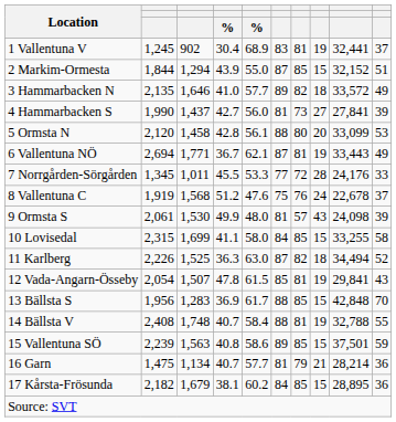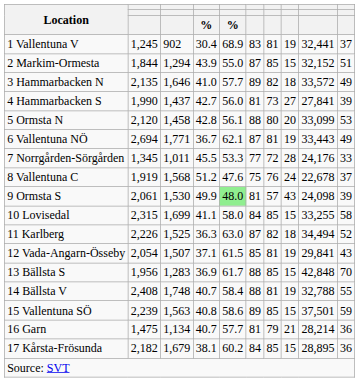 <table role="presentation" class="wikitable sortable mw-collapsible">
 <tr>
 <th rowspan="3">Location</th>
 <th></th>
 <th></th>
 <th></th>
 <th></th>
 <th></th>
 <th></th>
 <th></th>
 <th></th>
 <th></th>
 </tr>
 <tr>
 <th></th>
 <th></th>
 <th style="background:"></th>
 <th style="background:"></th>
 <th></th>
 <th></th>
 <th></th>
 <th></th>
 <th></th>
 </tr>
 <tr>
 <th data-sort-type="number"></th>
 <th data-sort-type="number"></th>
 <th data-sort-type="number">%</th>
 <th data-sort-type="number">%</th>
 <th data-sort-type="number"></th>
 <th data-sort-type="number"></th>
 <th data-sort-type="number"></th>
 <th data-sort-type="number"></th>
 <th data-sort-type="number"></th>
 </tr>
 <tr>
 <td align="left">1 Vallentuna V</td>
 <td>1,245</td>
 <td>902</td>
 <td>30.4</td>
 <td>68.9</td>
 <td>83</td>
 <td>81</td>
 <td>19</td>
 <td>32,441</td>
 <td>37</td>
 </tr>
 <tr>
 <td align="left">2 Markim-Ormesta</td>
 <td>1,844</td>
 <td>1,294</td>
 <td>43.9</td>
 <td>55.0</td>
 <td>87</td>
 <td>85</td>
 <td>15</td>
 <td>32,152</td>
 <td>51</td>
 </tr>
 <tr>
 <td align="left">3 Hammarbacken N</td>
 <td>2,135</td>
 <td>1,646</td>
 <td>41.0</td>
 <td>57.7</td>
 <td>89</td>
 <td>82</td>
 <td>18</td>
 <td>33,572</td>
 <td>49</td>
 </tr>
 <tr>
 <td align="left">4 Hammarbacken S</td>
 <td>1,990</td>
 <td>1,437</td>
 <td>42.7</td>
 <td>56.0</td>
 <td>81</td>
 <td>73</td>
 <td>27</td>
 <td>27,841</td>
 <td>39</td>
 </tr>
 <tr>
 <td align="left">5 Ormsta N</td>
 <td>2,120</td>
 <td>1,458</td>
 <td>42.8</td>
 <td>56.1</td>
 <td>88</td>
 <td>80</td>
 <td>20</td>
 <td>33,099</td>
 <td>53</td>
 </tr>
 <tr>
 <td align="left">6 Vallentuna NÖ</td>
 <td>2,694</td>
 <td>1,771</td>
 <td>36.7</td>
 <td>62.1</td>
 <td>87</td>
 <td>81</td>
 <td>19</td>
 <td>33,443</td>
 <td>49</td>
 </tr>
 <tr>
 <td align="left">7 Norrgården-Sörgården</td>
 <td>1,345</td>
 <td>1,011</td>
 <td>45.5</td>
 <td>53.3</td>
 <td>77</td>
 <td>72</td>
 <td>28</td>
 <td>24,176</td>
 <td>33</td>
 </tr>
 <tr>
 <td align="left">8 Vallentuna C</td>
 <td>1,919</td>
 <td>1,568</td>
 <td>51.2</td>
 <td>47.6</td>
 <td>75</td>
 <td>76</td>
 <td>24</td>
 <td>22,678</td>
 <td>37</td>
 </tr>
 <tr>
 <td align="left">9 Ormsta S</td>
 <td>2,061</td>
 <td>1,530</td>
 <td>49.9</td>
-<td>48.0</td>
+<td style="background: lightgreen;">48.0</td>
 <td>81</td>
 <td>57</td>
 <td>43</td>
 <td>24,098</td>
 <td>39</td>
 </tr>
 <tr>
 <td align="left">10 Lovisedal</td>
 <td>2,315</td>
 <td>1,699</td>
 <td>41.1</td>
 <td>58.0</td>
 <td>84</td>
 <td>85</td>
 <td>15</td>
 <td>33,255</td>
 <td>58</td>
 </tr>
 <tr>
 <td align="left">11 Karlberg</td>
 <td>2,226</td>
 <td>1,525</td>
 <td>36.3</td>
 <td>63.0</td>
 <td>87</td>
 <td>82</td>
 <td>18</td>
 <td>34,494</td>
 <td>52</td>
 </tr>
 <tr>
 <td align="left">12 Vada-Angarn-Össeby</td>
 <td>2,054</td>
 <td>1,507</td>
-<td>47.8</td>
+<td>37.1</td>
 <td>61.5</td>
 <td>85</td>
 <td>81</td>
 <td>19</td>
 <td>29,841</td>
 <td>43</td>
 </tr>
 <tr>
 <td align="left">13 Bällsta S</td>
 <td>1,956</td>
 <td>1,283</td>
 <td>36.9</td>
 <td>61.7</td>
 <td>88</td>
 <td>85</td>
 <td>15</td>
 <td>42,848</td>
 <td>70</td>
 </tr>
 <tr>
 <td align="left">14 Bällsta V</td>
 <td>2,408</td>
 <td>1,748</td>
 <td>40.7</td>
 <td>58.4</td>
 <td>88</td>
 <td>81</td>
 <td>19</td>
 <td>32,788</td>
 <td>55</td>
 </tr>
 <tr>
 <td align="left">15 Vallentuna SÖ</td>
 <td>2,239</td>
 <td>1,563</td>
 <td>40.8</td>
 <td>58.6</td>
 <td>89</td>
 <td>85</td>
 <td>15</td>
 <td>37,501</td>
 <td>59</td>
 </tr>
 <tr>
 <td align="left">16 Garn</td>
 <td>1,475</td>
 <td>1,134</td>
 <td>40.7</td>
 <td>57.7</td>
 <td>81</td>
 <td>79</td>
 <td>21</td>
 <td>28,214</td>
 <td>36</td>
 </tr>
 <tr>
 <td align="left">17 Kårsta-Frösunda</td>
 <td>2,182</td>
 <td>1,679</td>
 <td>38.1</td>
 <td>60.2</td>
 <td>84</td>
 <td>85</td>
 <td>15</td>
 <td>28,895</td>
 <td>36</td>
 </tr>
 <tr>
 <td colspan="10" align="left">Source: <a href='#'>SVT</a></td>
 </tr>
 </table>
